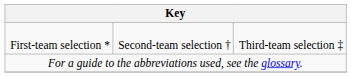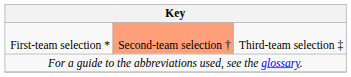 <table class="wikitable" style="margin:1em auto;">
 <tr>
 <th colspan=3>Key</th>
 </tr>
 <tr>
 <td><br> First-team selection *<br></td>
-<td><br> Second-team selection †<br></td>
+<td style="background: lightsalmon;"><br> Second-team selection †<br></td>
 <td><br> Third-team selection ‡<br></td>
 </tr>
 <tr>
 <td colspan="3" style="text-align:center;"><em>For a guide to the abbreviations used, see the <a href='#'>glossary</a>.</em></td>
 </tr>
 <tr>
 </tr>
 </table>
